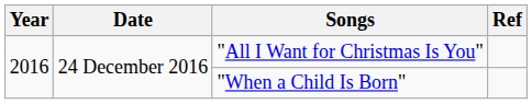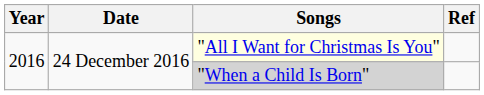 <table class="wikitable">
 <tr>
 <th>Year</th>
 <th>Date</th>
 <th>Songs</th>
 <th>Ref</th>
 </tr>
 <tr>
 <td Rowspan="2">2016</td>
 <td Rowspan="2">24 December 2016</td>
-<td>"<a href='#'>All I Want for Christmas Is You</a>"</td>
+<td style="background: lightyellow;">"<a href='#'>All I Want for Christmas Is You</a>"</td>
 <td></td>
 </tr>
 <tr>
-<td>"<a href='#'>When a Child Is Born</a>"</td>
+<td style="background: lightgrey;">"<a href='#'>When a Child Is Born</a>"</td>
 <td></td>
 </tr>
 </table>
